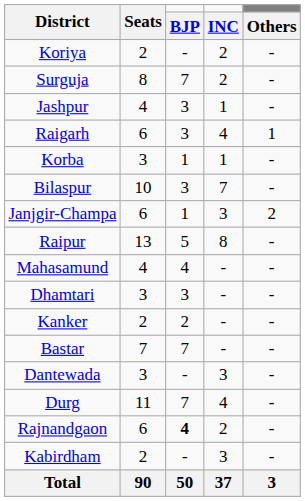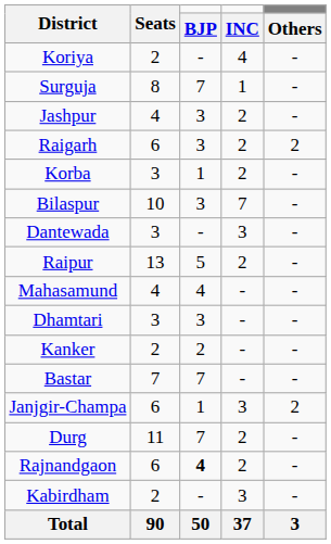 <table class="wikitable" style="text-align:center;">
 <tr>
 <th rowspan="2" class="wikitable">District</th>
 <th rowspan="2" class="wikitable">Seats</th>
 <td></td>
 <td></td>
 <td style="background:grey;"></td>
 </tr>
 <tr>
 <th class="wikitable"><a href='#'>BJP</a></th>
 <th class="wikitable"><a href='#'>INC</a></th>
 <th class="wikitable">Others</th>
 </tr>
 <tr>
 <td><a href='#'>Koriya</a></td>
 <td>2</td>
 <td>-</td>
-<td>2</td>
+<td>4</td>
 <td>-</td>
 </tr>
 <tr>
 <td><a href='#'>Surguja</a></td>
 <td>8</td>
 <td>7</td>
-<td>2</td>
+<td>1</td>
 <td>-</td>
 </tr>
 <tr>
 <td><a href='#'>Jashpur</a></td>
 <td>4</td>
 <td>3</td>
-<td>1</td>
+<td>2</td>
 <td>-</td>
 </tr>
 <tr>
 <td><a href='#'>Raigarh</a></td>
 <td>6</td>
 <td>3</td>
-<td>4</td>
-<td>1</td>
+<td>2</td>
+<td>2</td>
 </tr>
 <tr>
 <td><a href='#'>Korba</a></td>
 <td>3</td>
 <td>1</td>
-<td>1</td>
+<td>2</td>
 <td>-</td>
 </tr>
 <tr>
 <td><a href='#'>Bilaspur</a></td>
 <td>10</td>
 <td>3</td>
 <td>7</td>
 <td>-</td>
 </tr>
 <tr>
-<td><a href='#'>Janjgir-Champa</a></td>
-<td>6</td>
-<td>1</td>
+<td><a href='#'>Dantewada</a></td>
 <td>3</td>
-<td>2</td>
+<td>-</td>
+<td>3</td>
+<td>-</td>
 </tr>
 <tr>
 <td><a href='#'>Raipur</a></td>
 <td>13</td>
 <td>5</td>
-<td>8</td>
+<td>2</td>
 <td>-</td>
 </tr>
 <tr>
 <td><a href='#'>Mahasamund</a></td>
 <td>4</td>
 <td>4</td>
 <td>-</td>
 <td>-</td>
 </tr>
 <tr>
 <td><a href='#'>Dhamtari</a></td>
 <td>3</td>
 <td>3</td>
 <td>-</td>
 <td>-</td>
 </tr>
 <tr>
 <td><a href='#'>Kanker</a></td>
 <td>2</td>
 <td>2</td>
 <td>-</td>
 <td>-</td>
 </tr>
 <tr>
 <td><a href='#'>Bastar</a></td>
 <td>7</td>
 <td>7</td>
 <td>-</td>
 <td>-</td>
 </tr>
 <tr>
-<td><a href='#'>Dantewada</a></td>
+<td><a href='#'>Janjgir-Champa</a></td>
+<td>6</td>
+<td>1</td>
 <td>3</td>
-<td>-</td>
-<td>3</td>
-<td>-</td>
+<td>2</td>
 </tr>
 <tr>
 <td><a href='#'>Durg</a></td>
 <td>11</td>
 <td>7</td>
-<td>4</td>
+<td>2</td>
 <td>-</td>
 </tr>
 <tr>
 <td><a href='#'>Rajnandgaon</a></td>
 <td>6</td>
 <td><strong>4</strong></td>
 <td>2</td>
 <td>-</td>
 </tr>
 <tr>
 <td><a href='#'>Kabirdham</a></td>
 <td>2</td>
 <td>-</td>
 <td>3</td>
 <td>-</td>
 </tr>
 <tr>
 <th>Total</th>
 <th>90</th>
 <th>50</th>
 <th>37</th>
 <th>3</th>
 </tr>
 </table>
